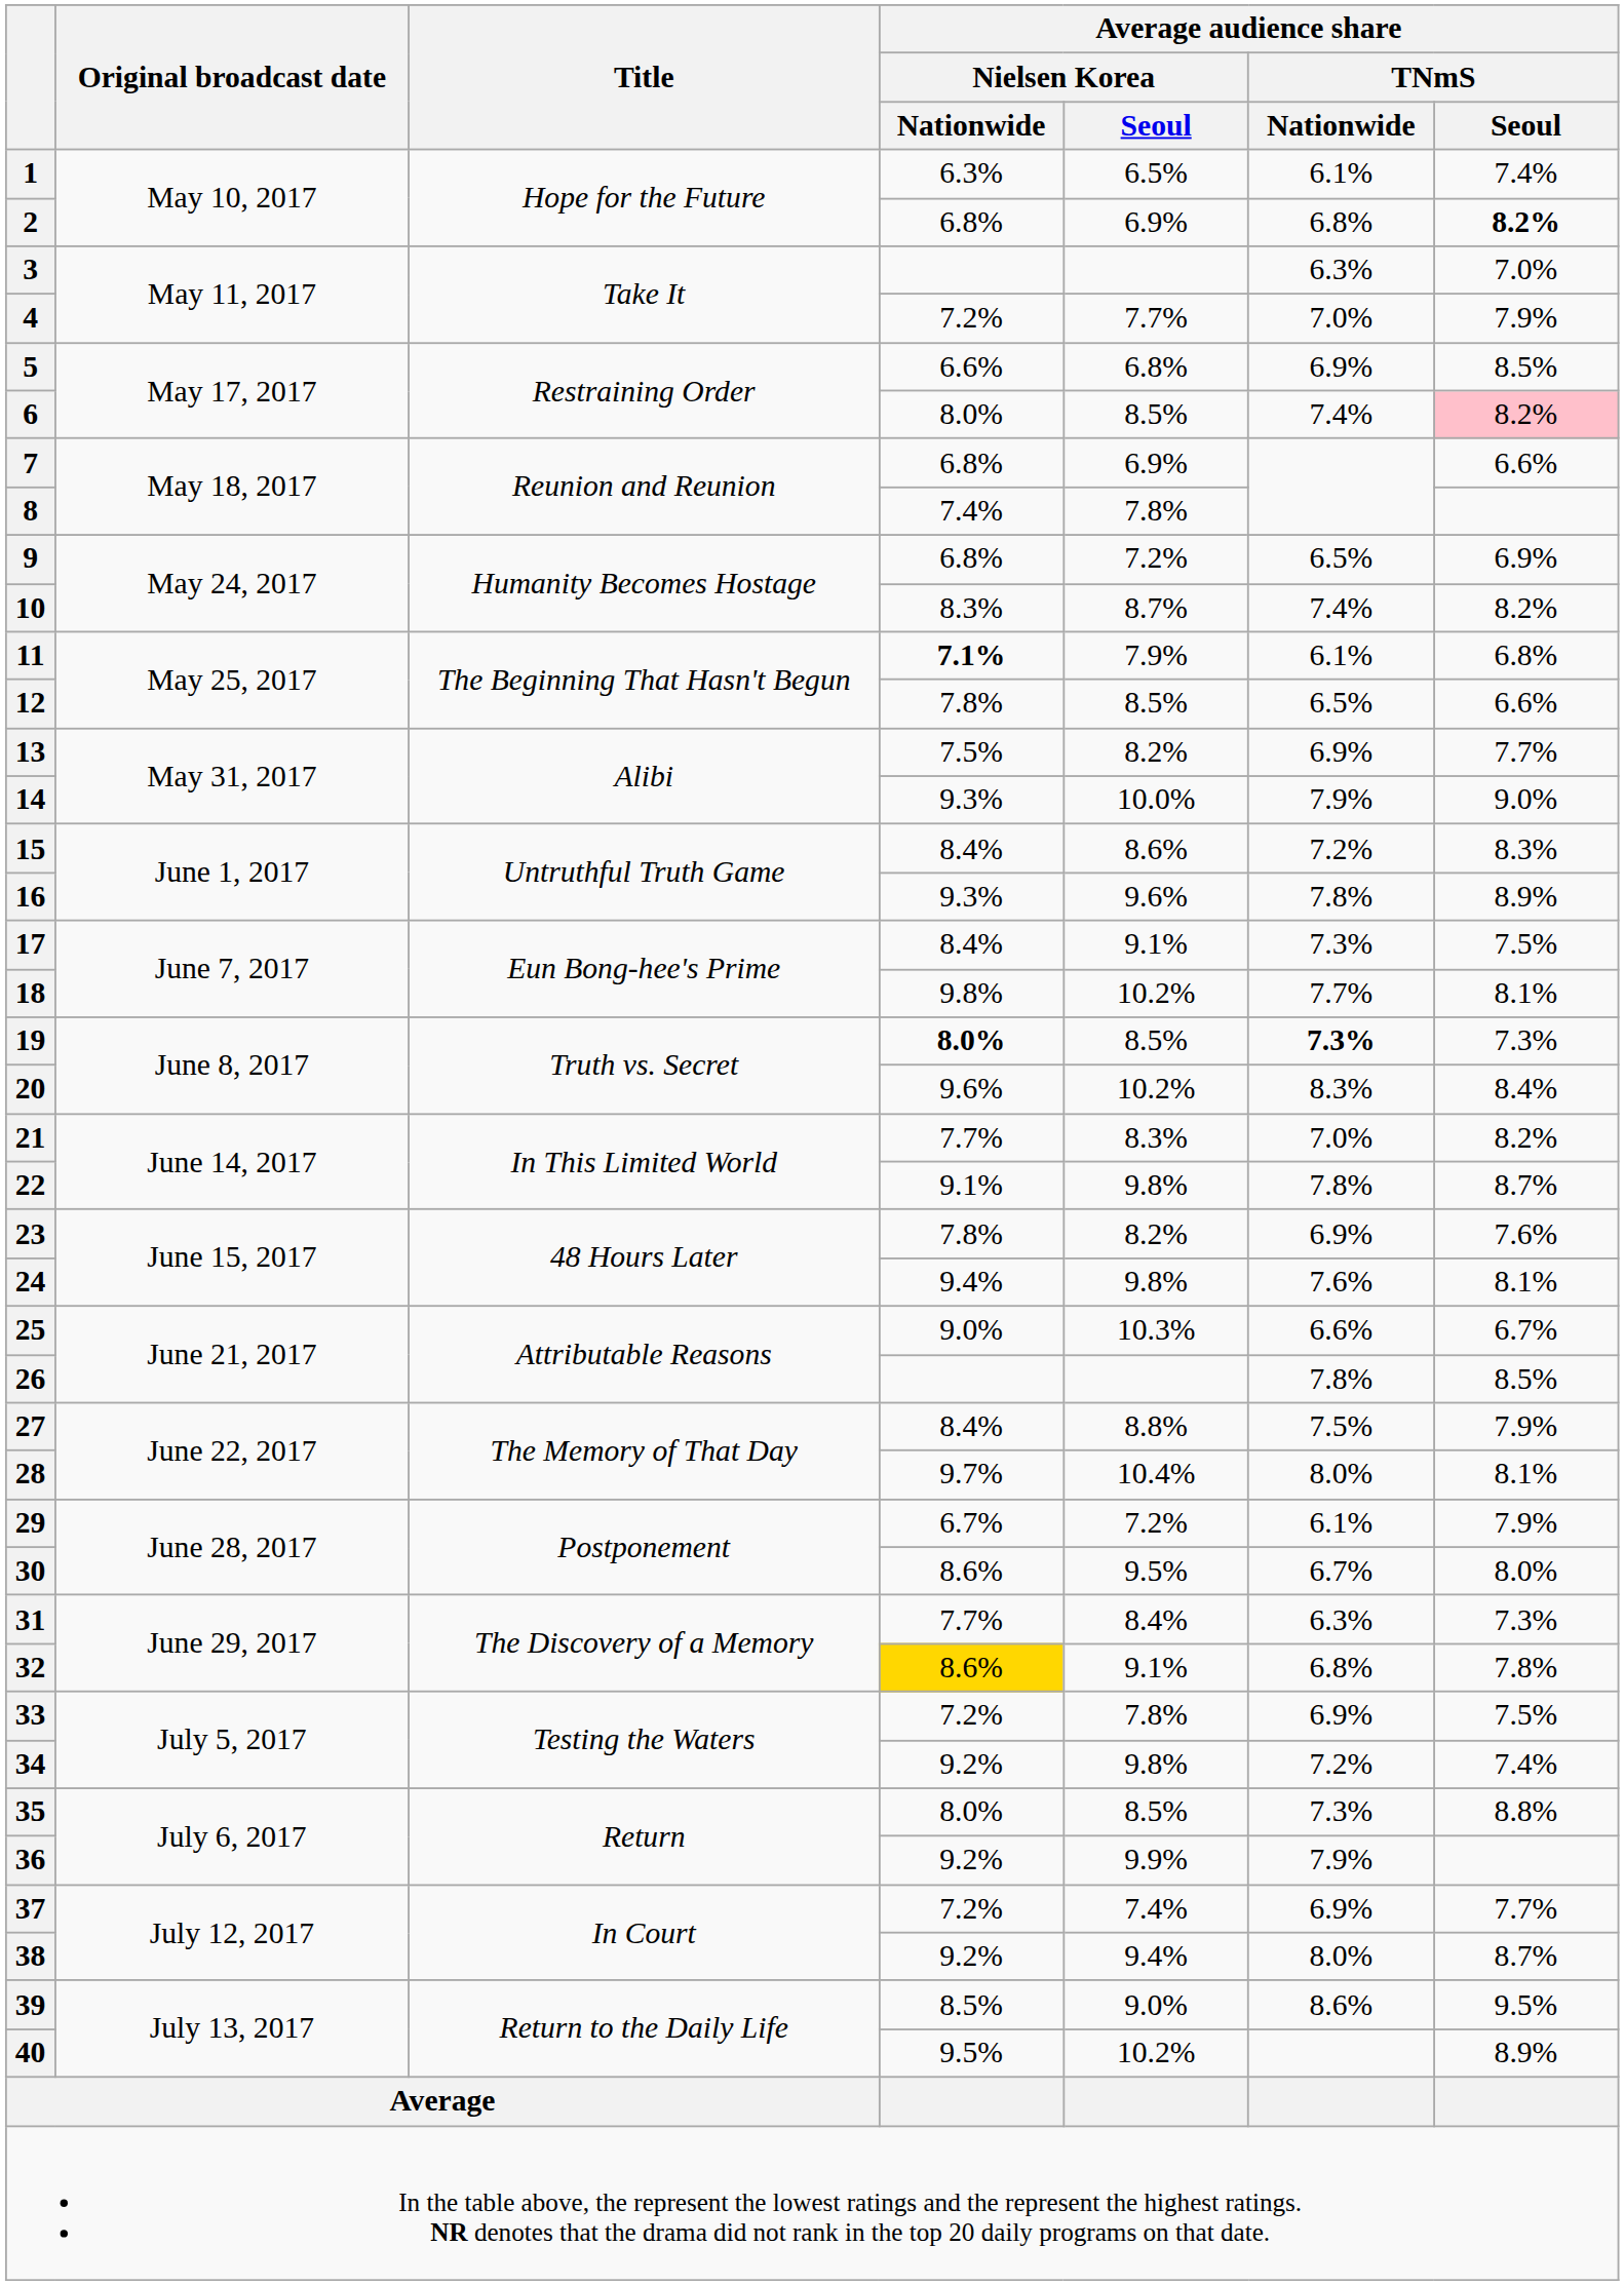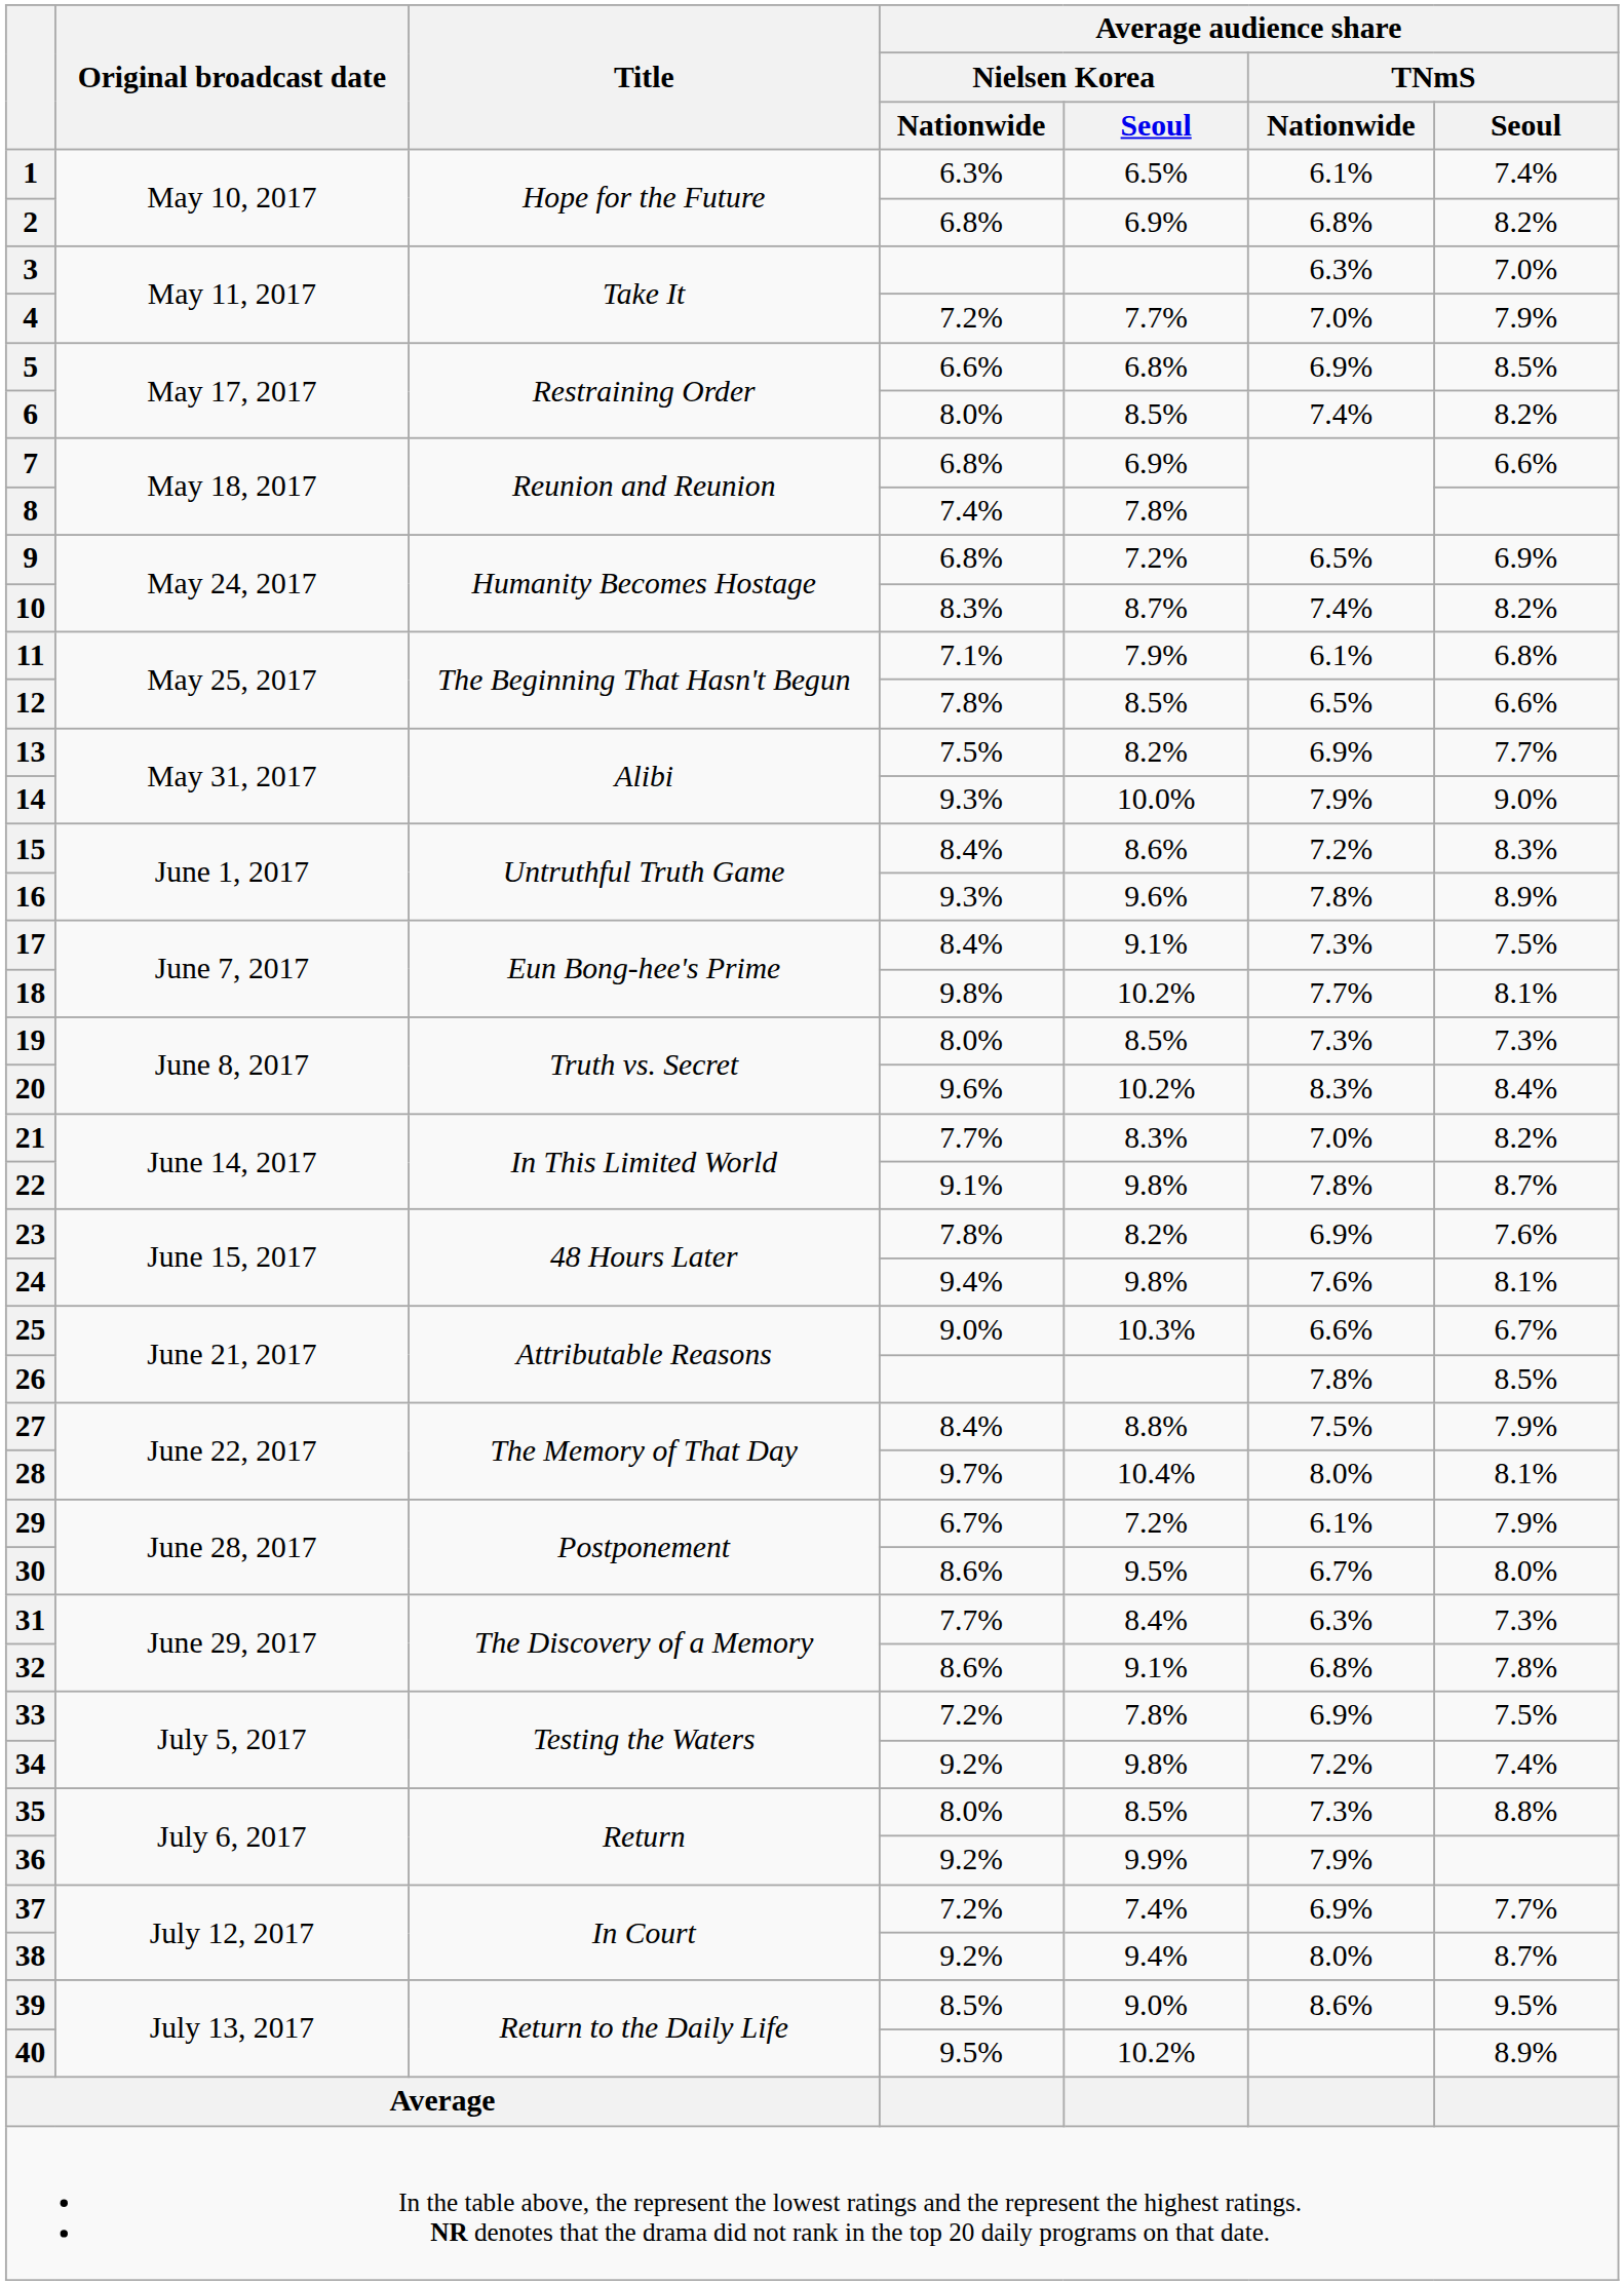 <table class="wikitable" style="text-align:center; margin-left:auto; margin-right:auto; width:850px;">
 <tr>
 <th rowspan="3"></th>
 <th rowspan="3">Original broadcast date</th>
 <th rowspan="3">Title</th>
 <th colspan="4">Average audience share</th>
 </tr>
 <tr>
 <th colspan="2">Nielsen Korea</th>
 <th colspan="2">TNmS</th>
 </tr>
 <tr>
 <th width="90">Nationwide</th>
 <th width="90"><a href='#'>Seoul</a></th>
 <th width="90">Nationwide</th>
 <th width="90">Seoul</th>
 </tr>
 <tr>
 <th>1</th>
 <td rowspan="2">May 10, 2017</td>
 <td rowspan="2"><em>Hope for the Future</em></td>
 <td>6.3% </td>
 <td>6.5% </td>
 <td>6.1% </td>
 <td>7.4% </td>
 </tr>
 <tr>
 <th>2</th>
 <td>6.8% </td>
 <td>6.9% </td>
 <td>6.8% </td>
-<td><strong>8.2% </strong></td>
+<td>8.2% </td>
 </tr>
 <tr>
 <th>3</th>
 <td rowspan="2">May 11, 2017</td>
 <td rowspan="2"><em>Take It</em></td>
 <td><strong></strong> </td>
 <td><strong></strong> </td>
 <td>6.3% </td>
 <td>7.0% </td>
 </tr>
 <tr>
 <th>4</th>
 <td>7.2% </td>
 <td>7.7% </td>
 <td>7.0% </td>
 <td>7.9% </td>
 </tr>
 <tr>
 <th>5</th>
 <td rowspan="2">May 17, 2017</td>
 <td rowspan="2"><em>Restraining Order</em></td>
 <td>6.6% </td>
 <td>6.8% </td>
 <td>6.9% </td>
 <td>8.5% </td>
 </tr>
 <tr>
 <th>6</th>
 <td>8.0% </td>
 <td>8.5% </td>
 <td>7.4% </td>
-<td style="background: pink;">8.2% </td>
+<td>8.2% </td>
 </tr>
 <tr>
 <th>7</th>
 <td rowspan="2">May 18, 2017</td>
 <td rowspan="2"><em>Reunion and Reunion</em></td>
 <td>6.8% </td>
 <td>6.9% </td>
 <td rowspan="2"><strong></strong> </td>
 <td>6.6% </td>
 </tr>
 <tr>
 <th>8</th>
 <td>7.4% </td>
 <td>7.8% </td>
 <td><strong></strong> </td>
 </tr>
 <tr>
 <th>9</th>
 <td rowspan="2">May 24, 2017</td>
 <td rowspan="2"><em>Humanity Becomes Hostage</em></td>
 <td>6.8% </td>
 <td>7.2% </td>
 <td>6.5% </td>
 <td>6.9% </td>
 </tr>
 <tr>
 <th>10</th>
 <td>8.3% </td>
 <td>8.7% </td>
 <td>7.4% </td>
 <td>8.2% </td>
 </tr>
 <tr>
 <th>11</th>
 <td rowspan="2">May 25, 2017</td>
 <td rowspan="2"><em>The Beginning That Hasn't Begun</em></td>
-<td><strong>7.1% </strong></td>
+<td>7.1% </td>
 <td>7.9% </td>
 <td>6.1% </td>
 <td>6.8% </td>
 </tr>
 <tr>
 <th>12</th>
 <td>7.8% </td>
 <td>8.5% </td>
 <td>6.5% </td>
 <td>6.6% </td>
 </tr>
 <tr>
 <th>13</th>
 <td rowspan="2">May 31, 2017</td>
 <td rowspan="2"><em>Alibi</em></td>
 <td>7.5% </td>
 <td>8.2% </td>
 <td>6.9% </td>
 <td>7.7% </td>
 </tr>
 <tr>
 <th>14</th>
 <td>9.3% </td>
 <td>10.0% </td>
 <td>7.9% </td>
 <td>9.0% </td>
 </tr>
 <tr>
 <th>15</th>
 <td rowspan="2">June 1, 2017</td>
 <td rowspan="2"><em>Untruthful Truth Game</em></td>
 <td>8.4% </td>
 <td>8.6% </td>
 <td>7.2% </td>
 <td>8.3% </td>
 </tr>
 <tr>
 <th>16</th>
 <td>9.3% </td>
 <td>9.6% </td>
 <td>7.8% </td>
 <td>8.9% </td>
 </tr>
 <tr>
 <th>17</th>
 <td rowspan="2">June 7, 2017</td>
 <td rowspan="2"><em>Eun Bong-hee's Prime</em></td>
 <td>8.4% </td>
 <td>9.1% </td>
 <td>7.3% </td>
 <td>7.5% </td>
 </tr>
 <tr>
 <th>18</th>
 <td>9.8% </td>
 <td>10.2% </td>
 <td>7.7% </td>
 <td>8.1% </td>
 </tr>
 <tr>
 <th>19</th>
 <td rowspan="2">June 8, 2017</td>
 <td rowspan="2"><em>Truth vs. Secret</em></td>
-<td><strong>8.0% </strong></td>
+<td>8.0% </td>
 <td>8.5% </td>
-<td><strong>7.3% </strong></td>
+<td>7.3% </td>
 <td>7.3% </td>
 </tr>
 <tr>
 <th>20</th>
 <td>9.6% </td>
 <td>10.2% </td>
 <td>8.3% </td>
 <td>8.4% </td>
 </tr>
 <tr>
 <th>21</th>
 <td rowspan="2">June 14, 2017</td>
 <td rowspan="2"><em>In This Limited World</em></td>
 <td>7.7% </td>
 <td>8.3% </td>
 <td>7.0% </td>
 <td>8.2% </td>
 </tr>
 <tr>
 <th>22</th>
 <td>9.1% </td>
 <td>9.8% </td>
 <td>7.8% </td>
 <td>8.7% </td>
 </tr>
 <tr>
 <th>23</th>
 <td rowspan="2">June 15, 2017</td>
 <td rowspan="2"><em>48 Hours Later</em></td>
 <td>7.8% </td>
 <td>8.2% </td>
 <td>6.9% </td>
 <td>7.6% </td>
 </tr>
 <tr>
 <th>24</th>
 <td>9.4% </td>
 <td>9.8% </td>
 <td>7.6% </td>
 <td>8.1% </td>
 </tr>
 <tr>
 <th>25</th>
 <td rowspan="2">June 21, 2017</td>
 <td rowspan="2"><em>Attributable Reasons</em></td>
 <td>9.0% </td>
 <td>10.3% </td>
 <td>6.6% </td>
 <td>6.7% </td>
 </tr>
 <tr>
 <th>26</th>
 <td><strong></strong> </td>
 <td><strong></strong> </td>
 <td>7.8% </td>
 <td>8.5% </td>
 </tr>
 <tr>
 <th>27</th>
 <td rowspan="2">June 22, 2017</td>
 <td rowspan="2"><em>The Memory of That Day</em></td>
 <td>8.4% </td>
 <td>8.8% </td>
 <td>7.5% </td>
 <td>7.9% </td>
 </tr>
 <tr>
 <th>28</th>
 <td>9.7% </td>
 <td>10.4% </td>
 <td>8.0% </td>
 <td>8.1% </td>
 </tr>
 <tr>
 <th>29</th>
 <td rowspan="2">June 28, 2017</td>
 <td rowspan="2"><em>Postponement</em></td>
 <td>6.7% </td>
 <td>7.2% </td>
 <td>6.1% </td>
 <td>7.9% </td>
 </tr>
 <tr>
 <th>30</th>
 <td>8.6% </td>
 <td>9.5% </td>
 <td>6.7% </td>
 <td>8.0% </td>
 </tr>
 <tr>
 <th>31</th>
 <td rowspan="2">June 29, 2017</td>
 <td rowspan="2"><em>The Discovery of a Memory</em></td>
 <td>7.7% </td>
 <td>8.4% </td>
 <td>6.3% </td>
 <td>7.3% </td>
 </tr>
 <tr>
 <th>32</th>
-<td style="background: gold;">8.6% </td>
+<td>8.6% </td>
 <td>9.1% </td>
 <td>6.8% </td>
 <td>7.8% </td>
 </tr>
 <tr>
 <th>33</th>
 <td rowspan="2">July 5, 2017</td>
 <td rowspan="2"><em>Testing the Waters</em></td>
 <td>7.2% </td>
 <td>7.8% </td>
 <td>6.9% </td>
 <td>7.5% </td>
 </tr>
 <tr>
 <th>34</th>
 <td>9.2% </td>
 <td>9.8% </td>
 <td>7.2% </td>
 <td>7.4% </td>
 </tr>
 <tr>
 <th>35</th>
 <td rowspan="2">July 6, 2017</td>
 <td rowspan="2"><em>Return</em></td>
 <td>8.0% </td>
 <td>8.5% </td>
 <td>7.3% </td>
 <td>8.8% </td>
 </tr>
 <tr>
 <th>36</th>
 <td>9.2% </td>
 <td>9.9% </td>
 <td>7.9% </td>
 <td><strong></strong> </td>
 </tr>
 <tr>
 <th>37</th>
 <td rowspan="2">July 12, 2017</td>
 <td rowspan="2"><em>In Court</em></td>
 <td>7.2% </td>
 <td>7.4% </td>
 <td>6.9% </td>
 <td>7.7% </td>
 </tr>
 <tr>
 <th>38</th>
 <td>9.2% </td>
 <td>9.4% </td>
 <td>8.0% </td>
 <td>8.7% </td>
 </tr>
 <tr>
 <th>39</th>
 <td rowspan="2">July 13, 2017</td>
 <td rowspan="2"><em>Return to the Daily Life</em></td>
 <td>8.5% </td>
 <td>9.0% </td>
 <td>8.6% </td>
 <td>9.5% </td>
 </tr>
 <tr>
 <th>40</th>
 <td>9.5% </td>
 <td>10.2% </td>
 <td><strong></strong> </td>
 <td>8.9% </td>
 </tr>
 <tr>
 <th colspan="3">Average</th>
 <th></th>
 <th></th>
 <th></th>
 <th></th>
 </tr>
 <tr>
 <td colspan="7" style="font-size:85%"><br><ul><li>In the table above, the <strong></strong> represent the lowest ratings and the <strong></strong> represent the highest ratings.</li><li><strong>NR</strong> denotes that the drama did not rank in the top 20 daily programs on that date.</li></ul></td>
 </tr>
 </table>
